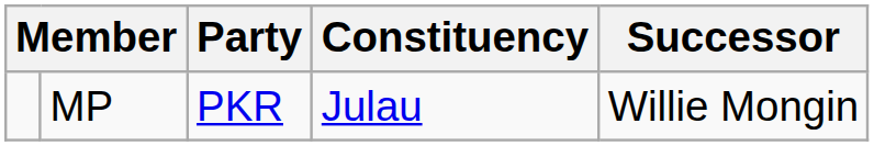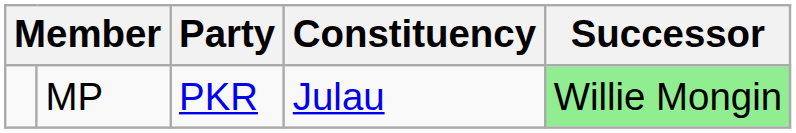 <table class="sortable wikitable">
 <tr>
 <th colspan="2" valign="top">Member</th>
 <th valign="top">Party</th>
 <th valign="top">Constituency</th>
 <th class="unsortable" valign="top">Successor</th>
 </tr>
 <tr>
 <td></td>
 <td> MP</td>
 <td><a href='#'>PKR</a></td>
 <td><a href='#'>Julau</a></td>
-<td>Willie Mongin</td>
+<td style="background: lightgreen;">Willie Mongin</td>
 </tr>
 </table>
